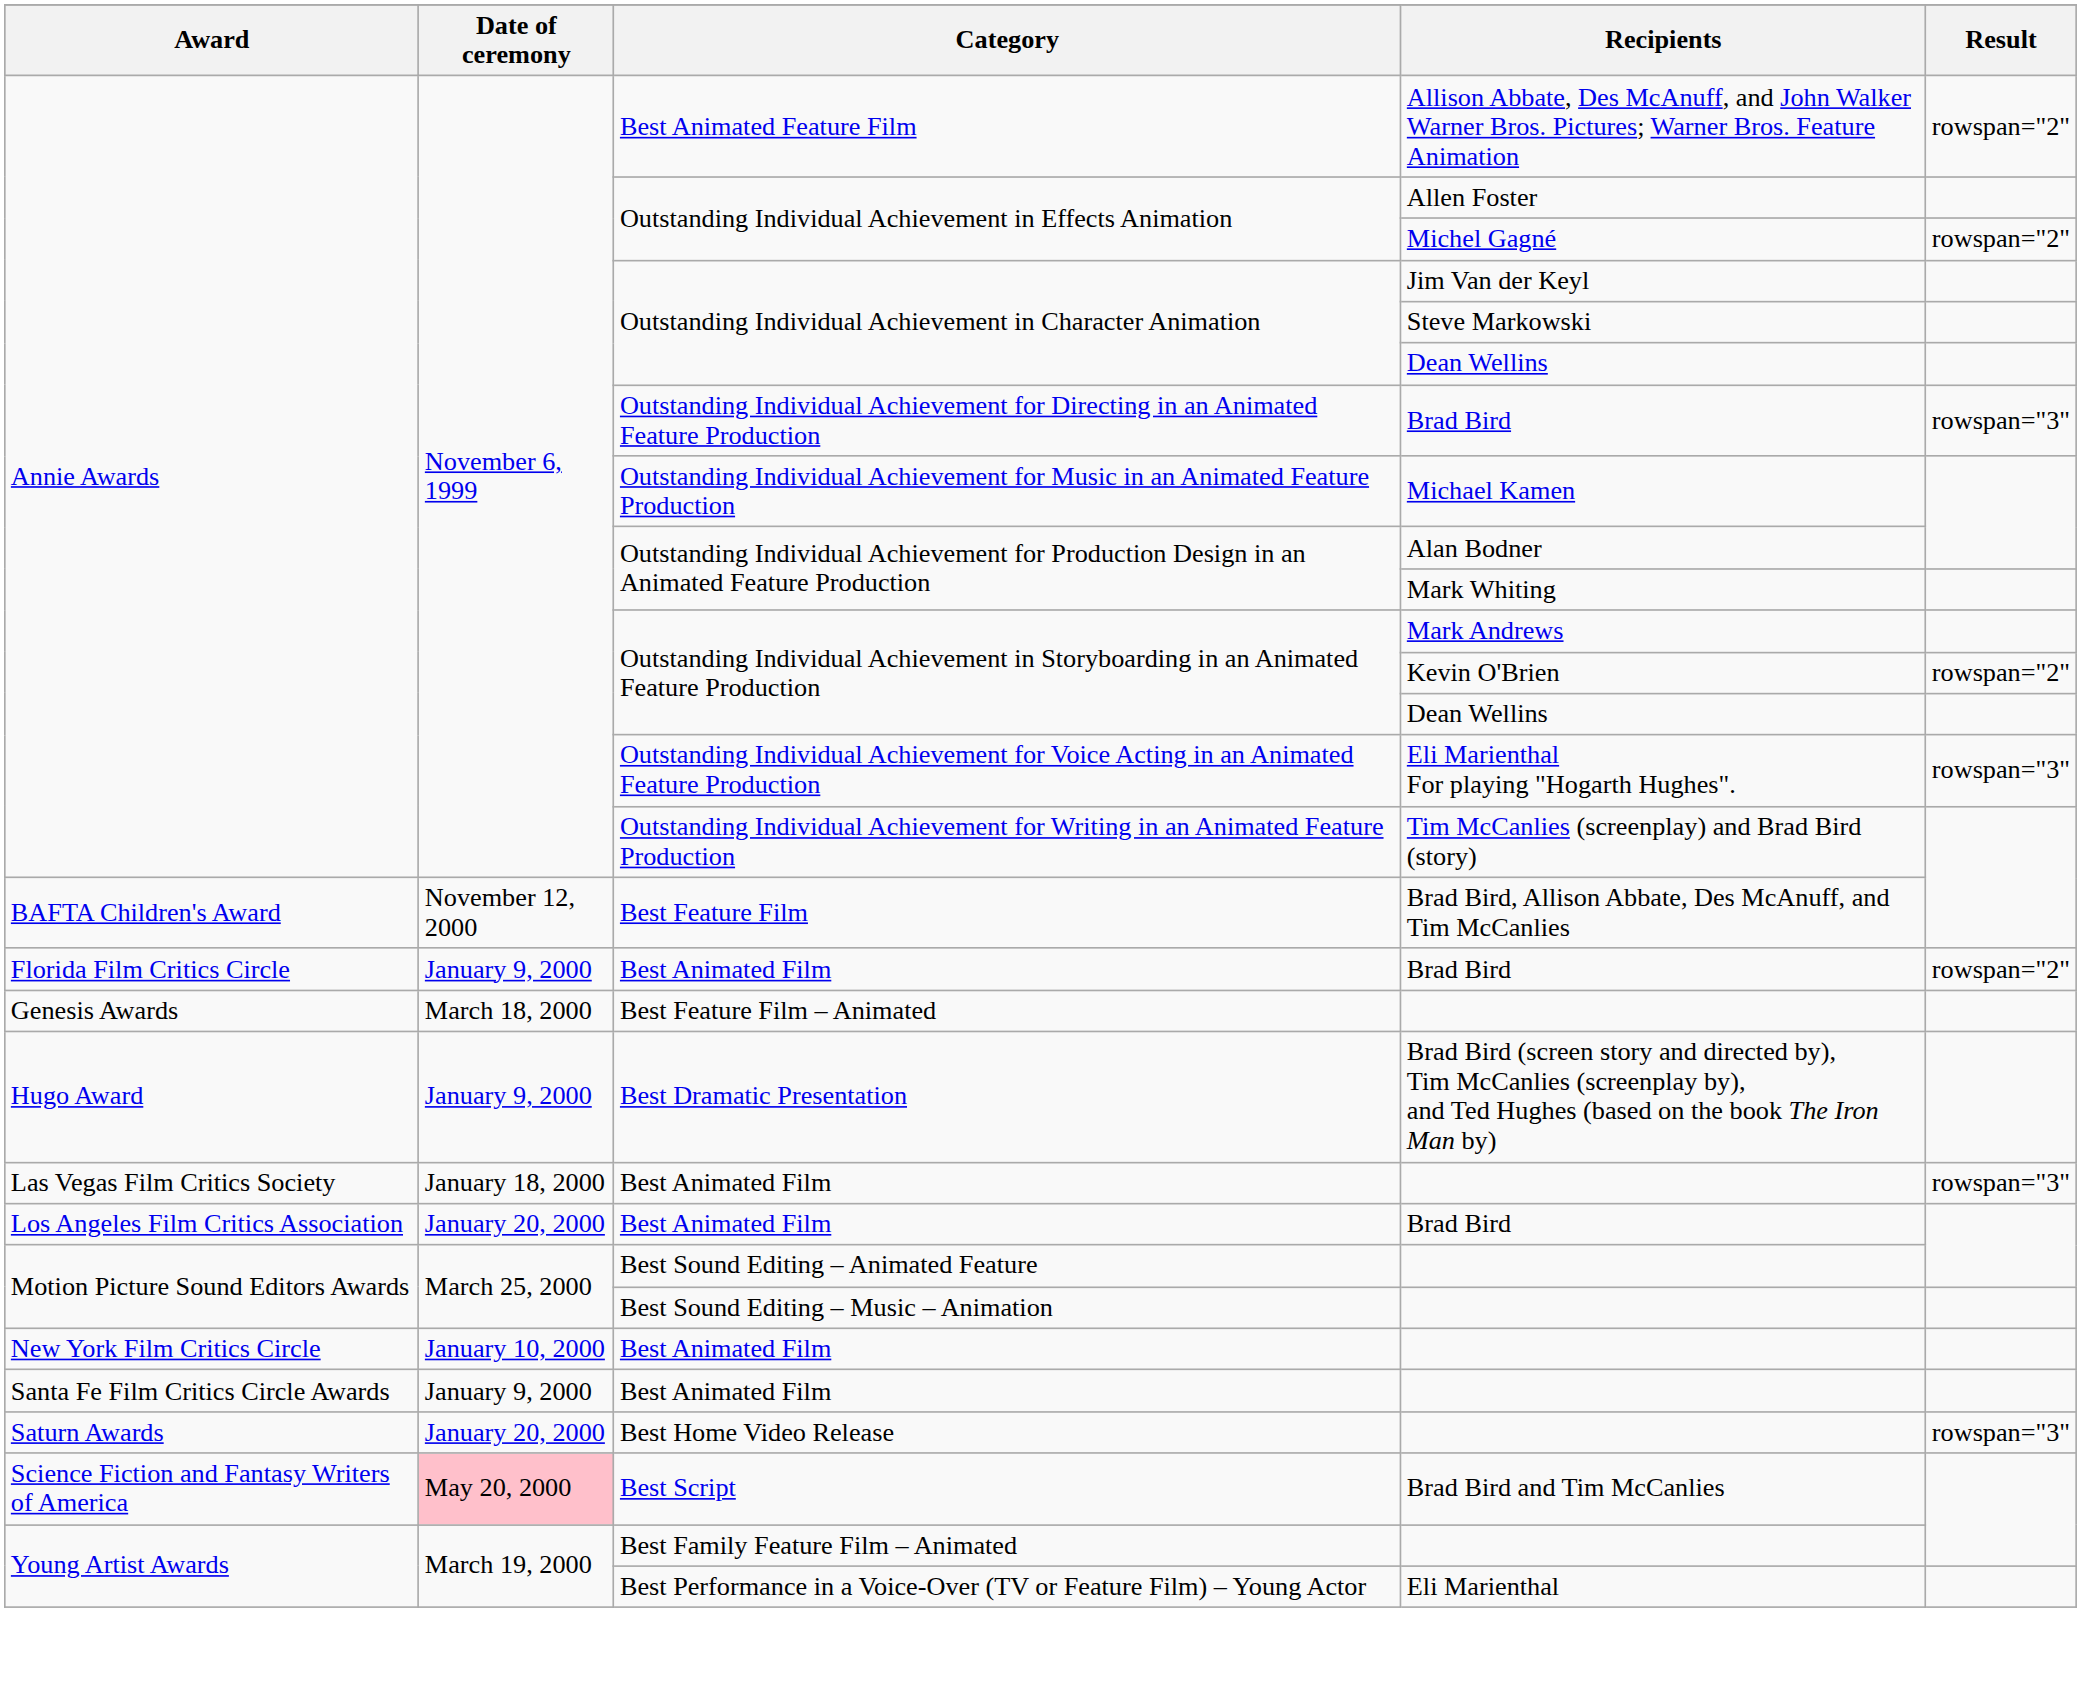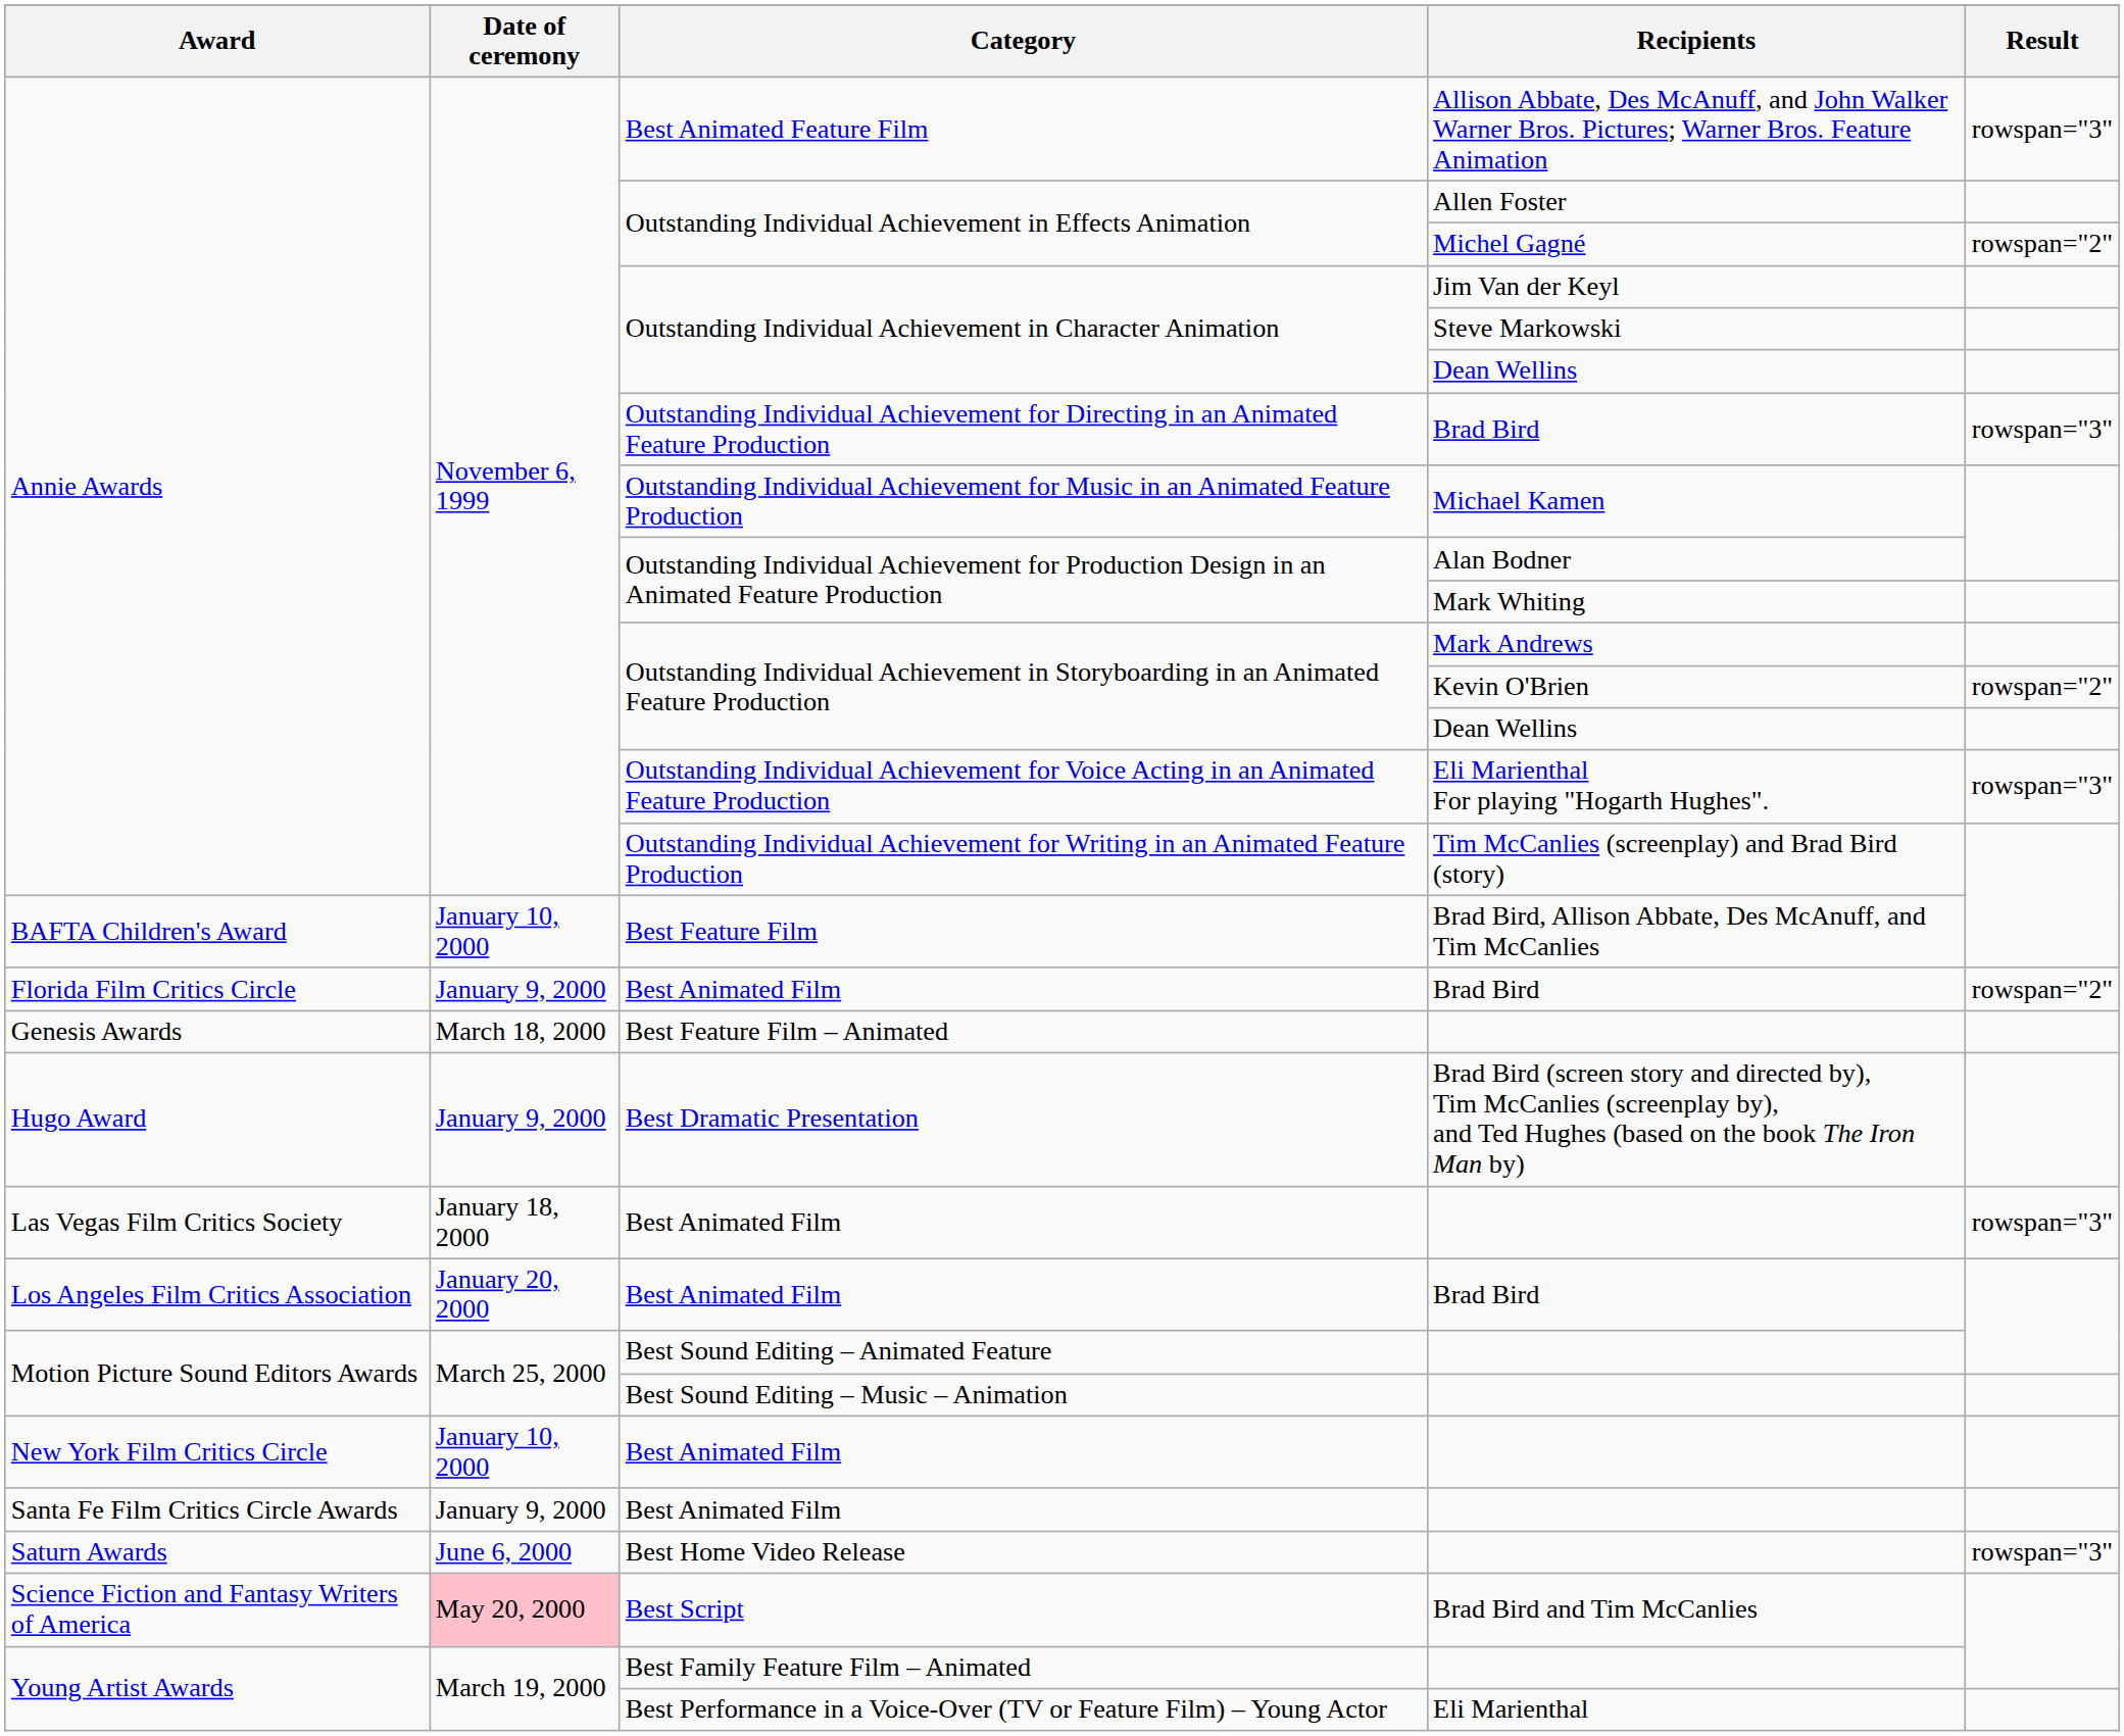 <table class="wikitable sortable plainrowheaders" style="width:100%;">
 <tr style="background:#ccc; text-align:center;">
 </tr>
 <tr style="background:#ccc; text-align:center;">
 <th>Award</th>
 <th>Date of ceremony</th>
 <th>Category</th>
 <th>Recipients</th>
 <th>Result</th>
 </tr>
 <tr>
 <td rowspan="15"><a href='#'>Annie Awards</a></td>
 <td rowspan="15"><a href='#'>November 6, 1999</a></td>
 <td><a href='#'>Best Animated Feature Film</a></td>
 <td><a href='#'>Allison Abbate</a>, <a href='#'>Des McAnuff</a>, and <a href='#'>John Walker</a><br><a href='#'>Warner Bros. Pictures</a>; <a href='#'>Warner Bros. Feature Animation</a></td>
-<td>rowspan="2" </td>
+<td>rowspan="3" </td>
 </tr>
 <tr>
 <td rowspan="2">Outstanding Individual Achievement in Effects Animation</td>
 <td>Allen Foster</td>
 </tr>
 <tr>
 <td><a href='#'>Michel Gagné</a></td>
 <td>rowspan="2" </td>
 </tr>
 <tr>
 <td rowspan="3">Outstanding Individual Achievement in Character Animation</td>
 <td>Jim Van der Keyl</td>
 </tr>
 <tr>
 <td>Steve Markowski</td>
 <td></td>
 </tr>
 <tr>
 <td><a href='#'>Dean Wellins</a></td>
 <td></td>
 </tr>
 <tr>
 <td><a href='#'>Outstanding Individual Achievement for Directing in an Animated Feature Production</a></td>
 <td><a href='#'>Brad Bird</a></td>
 <td>rowspan="3" </td>
 </tr>
 <tr>
 <td><a href='#'>Outstanding Individual Achievement for Music in an Animated Feature Production</a></td>
 <td><a href='#'>Michael Kamen</a></td>
 </tr>
 <tr>
 <td rowspan="2">Outstanding Individual Achievement for Production Design in an Animated Feature Production</td>
 <td>Alan Bodner</td>
 </tr>
 <tr>
 <td>Mark Whiting</td>
 <td></td>
 </tr>
 <tr>
 <td rowspan="3">Outstanding Individual Achievement in Storyboarding in an Animated Feature Production</td>
 <td><a href='#'>Mark Andrews</a></td>
 <td></td>
 </tr>
 <tr>
 <td>Kevin O'Brien</td>
 <td>rowspan="2" </td>
 </tr>
 <tr>
 <td>Dean Wellins</td>
 </tr>
 <tr>
 <td><a href='#'>Outstanding Individual Achievement for Voice Acting in an Animated Feature Production</a></td>
 <td><a href='#'>Eli Marienthal</a><br>For playing "Hogarth Hughes".</td>
 <td>rowspan="3" </td>
 </tr>
 <tr>
 <td><a href='#'>Outstanding Individual Achievement for Writing in an Animated Feature Production</a></td>
 <td><a href='#'>Tim McCanlies</a> (screenplay) and Brad Bird (story)</td>
 </tr>
 <tr>
 <td><a href='#'>BAFTA Children's Award</a></td>
-<td>November 12, 2000</td>
+<td><a href='#'>January 10, 2000</a></td>
 <td><a href='#'>Best Feature Film</a></td>
 <td>Brad Bird, Allison Abbate, Des McAnuff, and Tim McCanlies</td>
 </tr>
 <tr>
 <td><a href='#'>Florida Film Critics Circle</a></td>
 <td><a href='#'>January 9, 2000</a></td>
 <td><a href='#'>Best Animated Film</a></td>
 <td>Brad Bird</td>
 <td>rowspan="2" </td>
 </tr>
 <tr>
 <td>Genesis Awards</td>
 <td>March 18, 2000</td>
 <td>Best Feature Film – Animated</td>
 <td></td>
 </tr>
 <tr>
 <td><a href='#'>Hugo Award</a></td>
 <td><a href='#'>January 9, 2000</a></td>
 <td><a href='#'>Best Dramatic Presentation</a></td>
 <td>Brad Bird (screen story and directed by),<br> Tim McCanlies (screenplay by),<br> and Ted Hughes (based on the book <em>The Iron Man</em> by)</td>
 <td></td>
 </tr>
 <tr>
 <td>Las Vegas Film Critics Society</td>
 <td>January 18, 2000</td>
 <td>Best Animated Film</td>
 <td></td>
 <td>rowspan="3" </td>
 </tr>
 <tr>
 <td><a href='#'>Los Angeles Film Critics Association</a></td>
 <td><a href='#'>January 20, 2000</a></td>
 <td><a href='#'>Best Animated Film</a></td>
 <td>Brad Bird</td>
 </tr>
 <tr>
 <td rowspan="2">Motion Picture Sound Editors Awards</td>
 <td rowspan="2">March 25, 2000</td>
 <td>Best Sound Editing – Animated Feature</td>
 <td></td>
 </tr>
 <tr>
 <td>Best Sound Editing – Music – Animation</td>
 <td></td>
 <td></td>
 </tr>
 <tr>
 <td><a href='#'>New York Film Critics Circle</a></td>
 <td><a href='#'>January 10, 2000</a></td>
 <td><a href='#'>Best Animated Film</a></td>
 <td></td>
 <td></td>
 </tr>
 <tr>
 <td>Santa Fe Film Critics Circle Awards</td>
 <td>January 9, 2000</td>
 <td>Best Animated Film</td>
 <td></td>
 <td></td>
 </tr>
 <tr>
 <td><a href='#'>Saturn Awards</a></td>
-<td><a href='#'>January 20, 2000</a></td>
+<td><a href='#'>June 6, 2000</a></td>
 <td>Best Home Video Release</td>
 <td></td>
 <td>rowspan="3" </td>
 </tr>
 <tr>
 <td><a href='#'>Science Fiction and Fantasy Writers of America</a></td>
 <td style="background: pink;">May 20, 2000</td>
 <td><a href='#'>Best Script</a></td>
 <td>Brad Bird and Tim McCanlies</td>
 </tr>
 <tr>
 <td rowspan="2"><a href='#'>Young Artist Awards</a></td>
 <td rowspan="2">March 19, 2000</td>
 <td>Best Family Feature Film – Animated</td>
 <td></td>
 </tr>
 <tr>
 <td>Best Performance in a Voice-Over (TV or Feature Film) – Young Actor</td>
 <td>Eli Marienthal</td>
 <td></td>
 </tr>
 </table>
